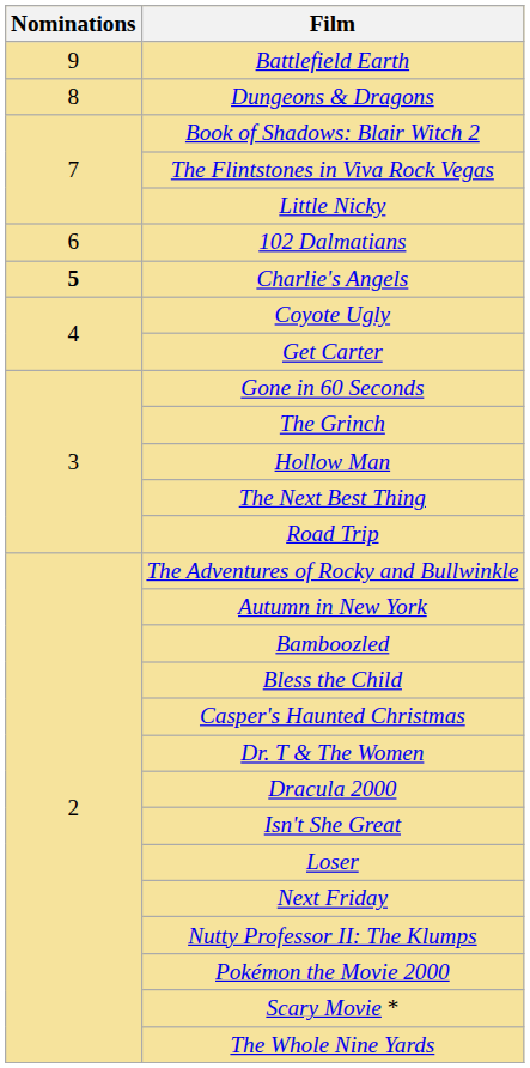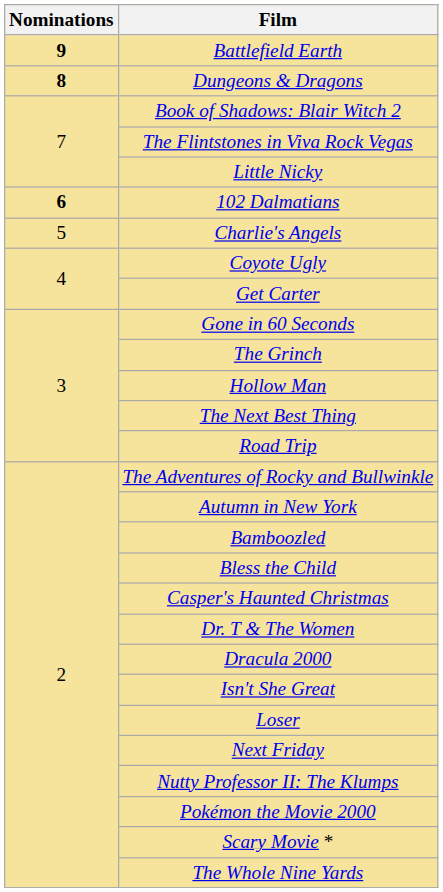 <table class="wikitable sortable" rowspan=2 style="text-align: center; background: #f6e39c">
 <tr>
 <th scope="col" width="55">Nominations</th>
 <th scope="col" align="center">Film</th>
 </tr>
 <tr>
-<td>9</td>
+<td><strong>9</strong></td>
 <td><em><a href='#'>Battlefield Earth</a></em></td>
 </tr>
 <tr>
-<td>8</td>
+<td><strong>8</strong></td>
 <td><em><a href='#'>Dungeons & Dragons</a></em></td>
 </tr>
 <tr>
 <td rowspan="3" style="text-align:center">7</td>
 <td><em><a href='#'>Book of Shadows: Blair Witch 2</a></em></td>
 </tr>
 <tr>
 <td><em><a href='#'>The Flintstones in Viva Rock Vegas</a></em></td>
 </tr>
 <tr>
 <td><em><a href='#'>Little Nicky</a></em></td>
 </tr>
 <tr>
-<td rowspan="1" style="text-align:center">6</td>
+<td rowspan="1" style="text-align:center"><strong>6</strong></td>
 <td><em><a href='#'>102 Dalmatians</a></em></td>
 </tr>
 <tr>
-<td rowspan="1" style="text-align:center"><strong>5</strong></td>
+<td rowspan="1" style="text-align:center">5</td>
 <td><em><a href='#'>Charlie's Angels</a></em></td>
 </tr>
 <tr>
 <td rowspan="2" style="text-align:center">4</td>
 <td><em><a href='#'>Coyote Ugly</a></em></td>
 </tr>
 <tr>
 <td><em><a href='#'>Get Carter</a></em></td>
 </tr>
 <tr>
 <td rowspan="5" style="text-align:center">3</td>
 <td><em><a href='#'>Gone in 60 Seconds</a></em></td>
 </tr>
 <tr>
 <td><em><a href='#'>The Grinch</a></em></td>
 </tr>
 <tr>
 <td><em><a href='#'>Hollow Man</a></em></td>
 </tr>
 <tr>
 <td><em><a href='#'>The Next Best Thing</a></em></td>
 </tr>
 <tr>
 <td><em><a href='#'>Road Trip</a></em></td>
 </tr>
 <tr>
 <td rowspan="14" style="text-align:center">2</td>
 <td><em><a href='#'>The Adventures of Rocky and Bullwinkle</a></em></td>
 </tr>
 <tr>
 <td><em><a href='#'>Autumn in New York</a></em></td>
 </tr>
 <tr>
 <td><em><a href='#'>Bamboozled</a></em></td>
 </tr>
 <tr>
 <td><em><a href='#'>Bless the Child</a></em></td>
 </tr>
 <tr>
 <td><em><a href='#'>Casper's Haunted Christmas</a></em></td>
 </tr>
 <tr>
 <td><em><a href='#'>Dr. T & The Women</a></em></td>
 </tr>
 <tr>
 <td><em><a href='#'>Dracula 2000</a></em></td>
 </tr>
 <tr>
 <td><em><a href='#'>Isn't She Great</a></em></td>
 </tr>
 <tr>
 <td><em><a href='#'>Loser</a></em></td>
 </tr>
 <tr>
 <td><em><a href='#'>Next Friday</a></em></td>
 </tr>
 <tr>
 <td><em><a href='#'>Nutty Professor II: The Klumps</a></em></td>
 </tr>
 <tr>
 <td><em><a href='#'>Pokémon the Movie 2000</a></em></td>
 </tr>
 <tr>
 <td><em><a href='#'>Scary Movie</a></em> *</td>
 </tr>
 <tr>
 <td><em><a href='#'>The Whole Nine Yards</a></em></td>
 </tr>
 <tr>
 </tr>
 </table>
